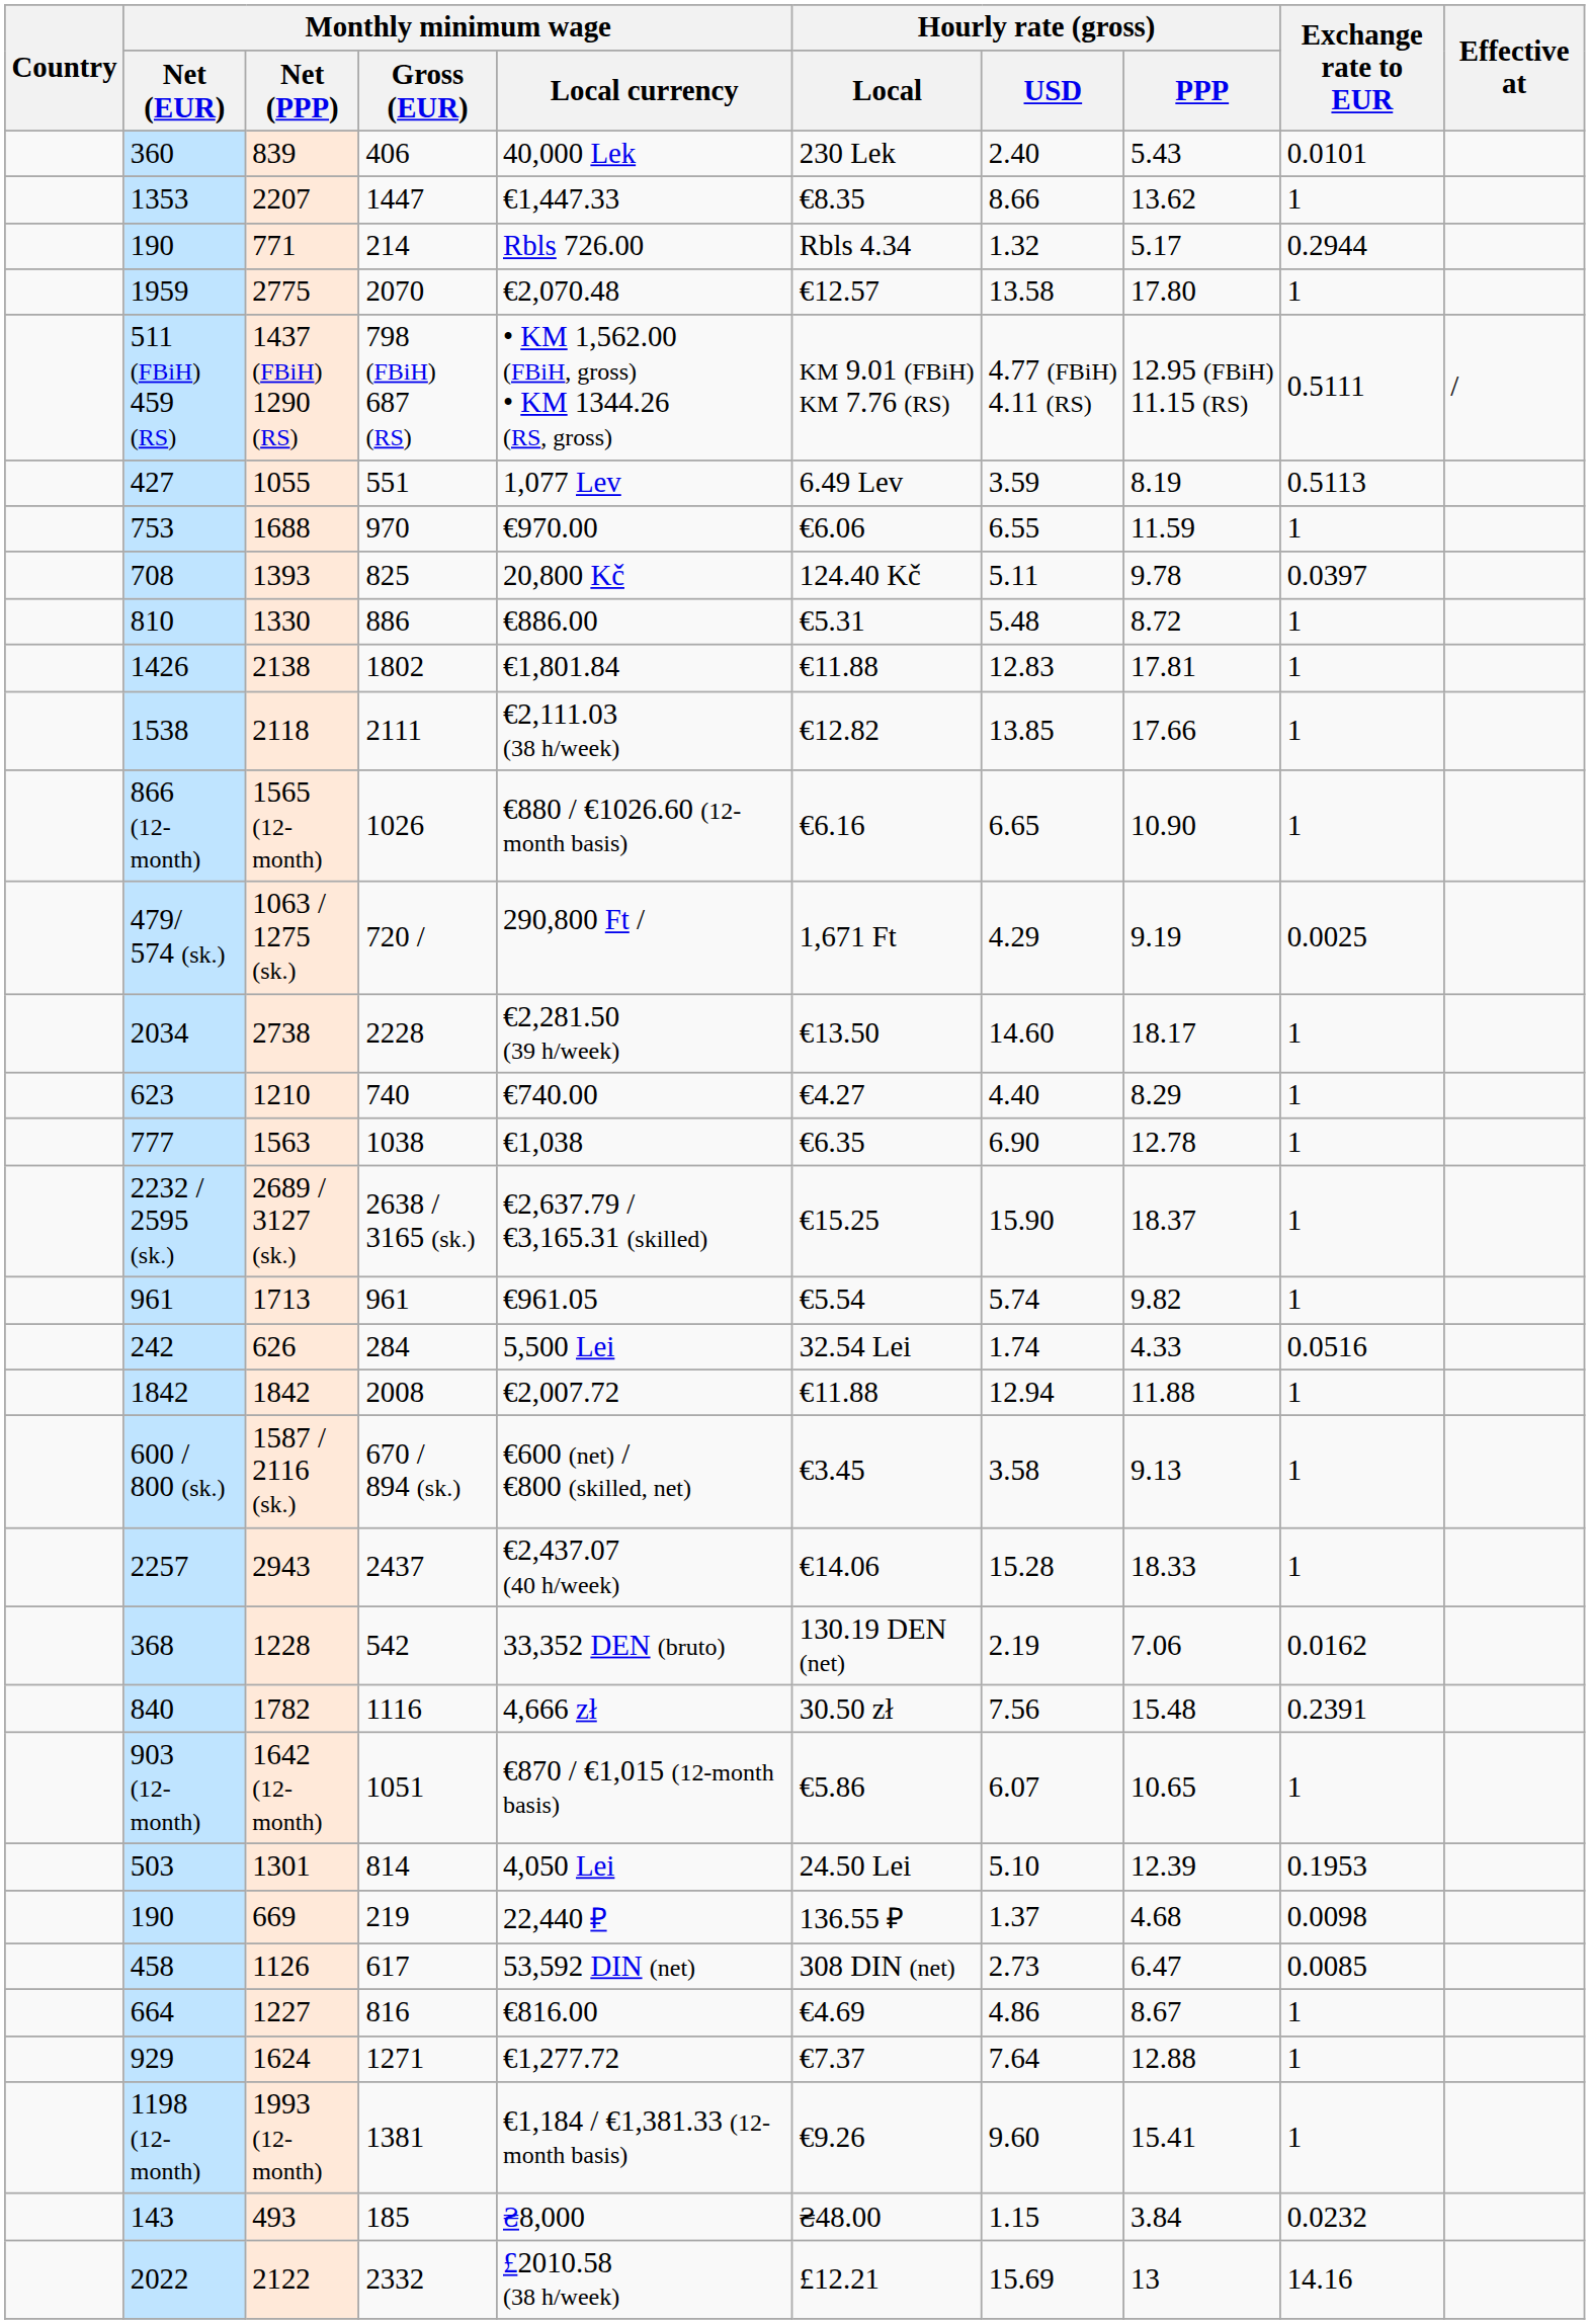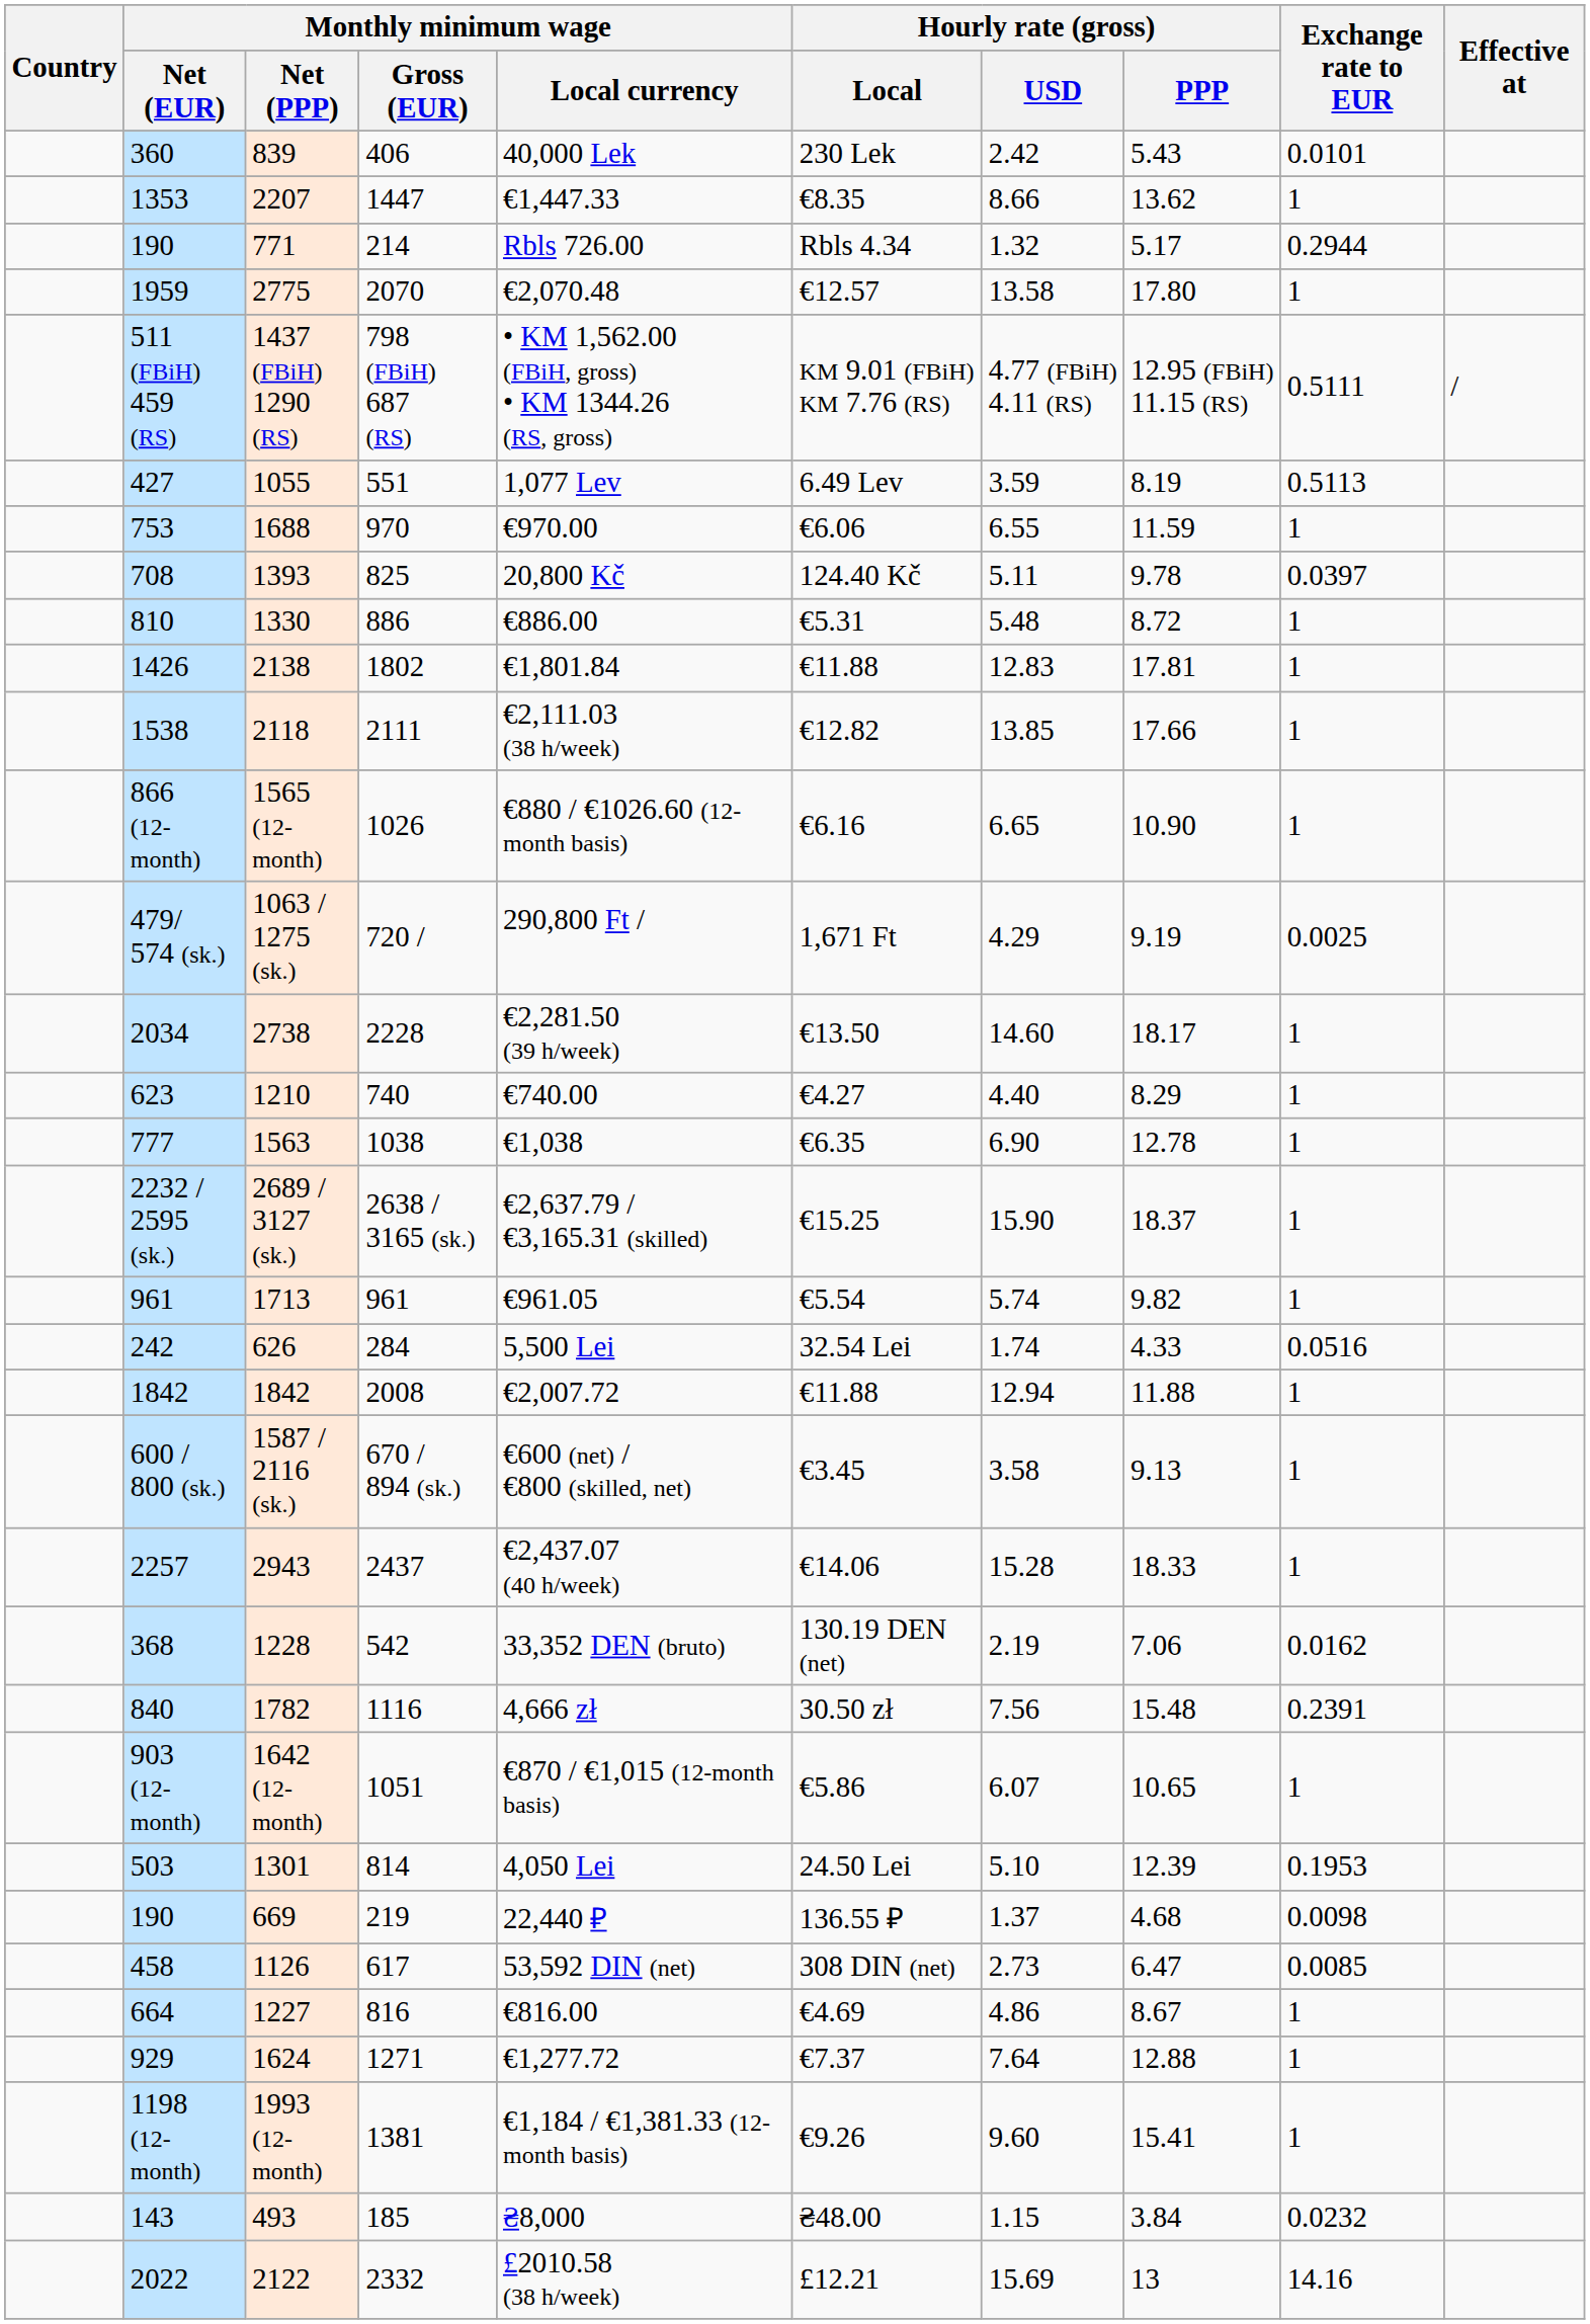 <table class="wikitable sortable static-row-numbers mw-datatable sticky-header-multi sort-under">
 <tr>
 <th rowspan=2>Country</th>
 <th colspan=4>Monthly minimum wage</th>
 <th colspan=3>Hourly rate (gross)</th>
 <th rowspan=2 data-sort-type=number style=max-width:6em>Exchange rate to <a href='#'>EUR</a></th>
 <th rowspan=2>Effective at</th>
 </tr>
 <tr>
 <th data-sort-type="number">Net (<a href='#'>EUR</a>)</th>
 <th data-sort-type="number">Net (<a href='#'>PPP</a>)</th>
 <th data-sort-type="number">Gross (<a href='#'>EUR</a>)</th>
 <th data-sort-type="number">Local currency </th>
 <th data-sort-type="number">Local</th>
 <th data-sort-type="number"><a href='#'>USD</a></th>
 <th data-sort-type="number"><a href='#'>PPP</a></th>
 </tr>
 <tr>
 <td></td>
 <td style="background:#bfe4ff;">360</td>
 <td style="background:#ffe9d9;">839</td>
 <td> 406</td>
 <td>40,000 <a href='#'>Lek</a><br></td>
 <td>230 Lek</td>
-<td>2.40</td>
+<td>2.42</td>
 <td>5.43</td>
 <td>0.0101</td>
 <td></td>
 </tr>
 <tr>
 <td></td>
 <td style="background:#bfe4ff;">1353</td>
 <td style="background:#ffe9d9;">2207</td>
 <td> 1447</td>
 <td>€1,447.33<br></td>
 <td>€8.35</td>
 <td>8.66</td>
 <td>13.62</td>
 <td>1</td>
 <td></td>
 </tr>
 <tr>
 <td></td>
 <td style="background:#bfe4ff;">190</td>
 <td style="background:#ffe9d9;">771</td>
 <td> 214</td>
 <td><a href='#'>Rbls</a> 726.00<br></td>
 <td>Rbls 4.34</td>
 <td>1.32</td>
 <td>5.17</td>
 <td>0.2944</td>
 <td></td>
 </tr>
 <tr>
 <td></td>
 <td style="background:#bfe4ff;">1959</td>
 <td style="background:#ffe9d9;">2775</td>
 <td> 2070</td>
 <td>€2,070.48<br></td>
 <td>€12.57</td>
 <td>13.58</td>
 <td>17.80</td>
 <td>1</td>
 <td></td>
 </tr>
 <tr>
 <td></td>
 <td style="background:#bfe4ff;">511<br><small>(<a href='#'>FBiH</a>)</small><br>459 <br><small>(<a href='#'>RS</a>)</small></td>
 <td style="background:#ffe9d9;">1437<br><small>(<a href='#'>FBiH</a>)</small><br>1290 <br><small>(<a href='#'>RS</a>)</small></td>
 <td> 798<br><small>(<a href='#'>FBiH</a>)</small><br> 687 <br><small>(<a href='#'>RS</a>)</small></td>
 <td>• <a href='#'>KM</a> 1,562.00<br><small>(<a href='#'>FBiH</a>, gross)</small><br>• <a href='#'>KM</a> 1344.26<br><small>(<a href='#'>RS</a>, gross)</small><br></td>
 <td><small>KM</small> 9.01 <small>(FBiH)</small><br><small>KM</small> 7.76 <small>(RS)</small></td>
 <td>4.77 <small>(FBiH)</small><br>4.11 <small>(RS)</small></td>
 <td>12.95 <small>(FBiH)</small><br>11.15 <small>(RS)</small></td>
 <td>0.5111</td>
 <td> /<br></td>
 </tr>
 <tr>
 <td></td>
 <td style="background:#bfe4ff;">427</td>
 <td style="background:#ffe9d9;">1055</td>
 <td> 551</td>
 <td>1,077 <a href='#'>Lev</a><br></td>
 <td>6.49 Lev</td>
 <td>3.59</td>
 <td>8.19</td>
 <td>0.5113</td>
 <td></td>
 </tr>
 <tr>
 <td></td>
 <td style="background:#bfe4ff;">753</td>
 <td style="background:#ffe9d9;">1688</td>
 <td> 970</td>
 <td>€970.00<br></td>
 <td>€6.06</td>
 <td>6.55</td>
 <td>11.59</td>
 <td>1</td>
 <td></td>
 </tr>
 <tr>
 <td></td>
 <td style="background:#bfe4ff;">708</td>
 <td style="background:#ffe9d9;">1393</td>
 <td> 825</td>
 <td>20,800 <a href='#'>Kč</a><br></td>
 <td>124.40 Kč</td>
 <td>5.11</td>
 <td>9.78</td>
 <td>0.0397</td>
 <td></td>
 </tr>
 <tr>
 <td></td>
 <td style="background:#bfe4ff;">810</td>
 <td style="background:#ffe9d9;">1330</td>
 <td> 886</td>
 <td>€886.00<br></td>
 <td>€5.31</td>
 <td>5.48</td>
 <td>8.72</td>
 <td>1</td>
 <td></td>
 </tr>
 <tr>
 <td></td>
 <td style="background:#bfe4ff;">1426</td>
 <td style="background:#ffe9d9;">2138</td>
 <td> 1802</td>
 <td>€1,801.84<br></td>
 <td>€11.88</td>
 <td>12.83</td>
 <td>17.81</td>
 <td>1</td>
 <td></td>
 </tr>
 <tr>
 <td></td>
 <td style="background:#bfe4ff;">1538</td>
 <td style="background:#ffe9d9;">2118</td>
 <td> 2111</td>
 <td>€2,111.03 <br><small>(38 h/week)</small><br></td>
 <td>€12.82</td>
 <td>13.85</td>
 <td>17.66</td>
 <td>1</td>
 <td></td>
 </tr>
 <tr>
 <td></td>
 <td style="background:#bfe4ff;">866<br><small>(12-month)</small></td>
 <td style="background:#ffe9d9;">1565<br><small>(12-month)</small></td>
 <td> 1026</td>
 <td>€880 / €1026.60 <small>(12-month basis)</small><br></td>
 <td>€6.16</td>
 <td>6.65</td>
 <td>10.90</td>
 <td>1</td>
 <td></td>
 </tr>
 <tr>
 <td></td>
 <td style="background:#bfe4ff;">479/<br> 574 <small>(sk.)</small><br></td>
 <td style="background:#ffe9d9;">1063 /<br> 1275 <small>(sk.)</small></td>
 <td> 720 /<br></td>
 <td>290,800 <a href='#'>Ft</a> /<br><br></td>
 <td>1,671 Ft</td>
 <td>4.29</td>
 <td>9.19</td>
 <td>0.0025</td>
 <td></td>
 </tr>
 <tr>
 <td></td>
 <td style="background:#bfe4ff;">2034</td>
 <td style="background:#ffe9d9;">2738</td>
 <td> 2228</td>
 <td>€2,281.50 <br><small>(39 h/week)</small><br></td>
 <td>€13.50</td>
 <td>14.60</td>
 <td>18.17</td>
 <td>1</td>
 <td></td>
 </tr>
 <tr>
 <td></td>
 <td style="background:#bfe4ff;">623</td>
 <td style="background:#ffe9d9;">1210</td>
 <td> 740</td>
 <td>€740.00<br></td>
 <td>€4.27</td>
 <td>4.40</td>
 <td>8.29</td>
 <td>1</td>
 <td></td>
 </tr>
 <tr>
 <td></td>
 <td style="background:#bfe4ff;">777</td>
 <td style="background:#ffe9d9;">1563</td>
 <td> 1038</td>
 <td>€1,038<br></td>
 <td>€6.35</td>
 <td>6.90</td>
 <td>12.78</td>
 <td>1</td>
 <td></td>
 </tr>
 <tr>
 <td></td>
 <td style="background:#bfe4ff;">2232 /<br> 2595 <small>(sk.)</small></td>
 <td style="background:#ffe9d9;">2689 /<br> 3127 <small>(sk.)</small></td>
 <td> 2638 /<br> 3165 <small>(sk.)</small></td>
 <td>€2,637.79 /<br> €3,165.31 <small>(skilled)</small><br></td>
 <td>€15.25</td>
 <td>15.90</td>
 <td>18.37</td>
 <td>1</td>
 <td></td>
 </tr>
 <tr>
 <td></td>
 <td style="background:#bfe4ff;">961</td>
 <td style="background:#ffe9d9;">1713</td>
 <td> 961</td>
 <td>€961.05<br> </td>
 <td>€5.54</td>
 <td>5.74</td>
 <td>9.82</td>
 <td>1</td>
 <td></td>
 </tr>
 <tr>
 <td></td>
 <td style="background:#bfe4ff;">242</td>
 <td style="background:#ffe9d9;">626</td>
 <td> 284</td>
 <td>5,500 <a href='#'>Lei</a><br></td>
 <td>32.54 Lei</td>
 <td>1.74</td>
 <td>4.33</td>
 <td>0.0516</td>
 <td></td>
 </tr>
 <tr>
 <td></td>
 <td style="background:#bfe4ff;">1842</td>
 <td style="background:#ffe9d9;">1842</td>
 <td> 2008</td>
 <td>€2,007.72<br></td>
 <td>€11.88</td>
 <td>12.94</td>
 <td>11.88</td>
 <td>1</td>
 <td></td>
 </tr>
 <tr>
 <td></td>
 <td style="background:#bfe4ff;">600 /<br> 800 <small>(sk.)</small></td>
 <td style="background:#ffe9d9;">1587 /<br> 2116 <small>(sk.)</small></td>
 <td> 670 /<br> 894 <small>(sk.)</small></td>
 <td>€600 <small>(net)</small> /<br> €800 <small>(skilled, net)</small><br></td>
 <td>€3.45</td>
 <td>3.58</td>
 <td>9.13</td>
 <td>1</td>
 <td></td>
 </tr>
 <tr>
 <td></td>
 <td style="background:#bfe4ff;">2257</td>
 <td style="background:#ffe9d9;">2943</td>
 <td> 2437</td>
 <td>€2,437.07 <br><small>(40 h/week)</small><br></td>
 <td>€14.06</td>
 <td>15.28</td>
 <td>18.33</td>
 <td>1</td>
 <td></td>
 </tr>
 <tr>
 <td></td>
 <td style="background:#bfe4ff;">368</td>
 <td style="background:#ffe9d9;">1228</td>
 <td nowrap> 542</td>
 <td>33,352 <a href='#'>DEN</a> <small>(bruto)</small><br></td>
 <td>130.19 DEN <small>(net)</small></td>
 <td>2.19</td>
 <td>7.06</td>
 <td>0.0162</td>
 <td></td>
 </tr>
 <tr>
 <td></td>
 <td style="background:#bfe4ff;">840</td>
 <td style="background:#ffe9d9;">1782</td>
 <td> 1116</td>
 <td>4,666 <a href='#'>zł</a><br></td>
 <td>30.50 zł</td>
 <td>7.56</td>
 <td>15.48</td>
 <td>0.2391</td>
 <td></td>
 </tr>
 <tr>
 <td></td>
 <td style="background:#bfe4ff;">903<br><small>(12-month)</small></td>
 <td style="background:#ffe9d9;">1642<br><small>(12-month)</small></td>
 <td> 1051</td>
 <td>€870 / €1,015 <small>(12-month basis)</small><br></td>
 <td>€5.86</td>
 <td>6.07</td>
 <td>10.65</td>
 <td>1</td>
 <td></td>
 </tr>
 <tr>
 <td></td>
 <td style="background:#bfe4ff;">503</td>
 <td style="background:#ffe9d9;">1301</td>
 <td> 814</td>
 <td>4,050 <a href='#'>Lei</a><br></td>
 <td>24.50 Lei</td>
 <td>5.10</td>
 <td>12.39</td>
 <td>0.1953</td>
 <td></td>
 </tr>
 <tr>
 <td></td>
 <td style="background:#bfe4ff;">190</td>
 <td style="background:#ffe9d9;">669</td>
 <td> 219</td>
 <td>22,440 <a href='#'>₽</a><br></td>
 <td>136.55 ₽</td>
 <td>1.37</td>
 <td>4.68</td>
 <td>0.0098</td>
 <td></td>
 </tr>
 <tr>
 <td></td>
 <td style="background:#bfe4ff;">458</td>
 <td style="background:#ffe9d9;">1126</td>
 <td nowrap> 617</td>
 <td>53,592 <a href='#'>DIN</a> <small>(net)</small><br></td>
 <td>308 DIN <small>(net)</small></td>
 <td>2.73</td>
 <td>6.47</td>
 <td>0.0085</td>
 <td></td>
 </tr>
 <tr>
 <td></td>
 <td style="background:#bfe4ff;">664</td>
 <td style="background:#ffe9d9;">1227</td>
 <td> 816</td>
 <td>€816.00<br></td>
 <td>€4.69</td>
 <td>4.86</td>
 <td>8.67</td>
 <td>1</td>
 <td></td>
 </tr>
 <tr>
 <td></td>
 <td style="background:#bfe4ff;">929<br></td>
 <td style="background:#ffe9d9;">1624</td>
 <td> 1271</td>
 <td>€1,277.72<br></td>
 <td>€7.37</td>
 <td>7.64</td>
 <td>12.88</td>
 <td>1</td>
 <td></td>
 </tr>
 <tr>
 <td></td>
 <td style="background:#bfe4ff;">1198<br><small>(12-month)</small></td>
 <td style="background:#ffe9d9;">1993<br><small>(12-month)</small></td>
 <td> 1381</td>
 <td>€1,184 / €1,381.33 <small>(12-month basis)</small><br></td>
 <td>€9.26</td>
 <td>9.60</td>
 <td>15.41</td>
 <td>1</td>
 <td></td>
 </tr>
 <tr>
 <td></td>
 <td style="background:#bfe4ff;">143</td>
 <td style="background:#ffe9d9;">493</td>
 <td> 185</td>
 <td><a href='#'>₴</a>8,000<br></td>
 <td>₴48.00</td>
 <td>1.15</td>
 <td>3.84</td>
 <td>0.0232</td>
 <td></td>
 </tr>
 <tr>
 <td></td>
 <td style="background:#bfe4ff;">2022</td>
 <td style="background:#ffe9d9;">2122</td>
 <td> 2332</td>
 <td><a href='#'>£</a>2010.58 <br><small>(38 h/week)</small><br></td>
 <td>£12.21</td>
 <td>15.69</td>
 <td>13</td>
 <td>14.16</td>
 <td></td>
 </tr>
 </table>
